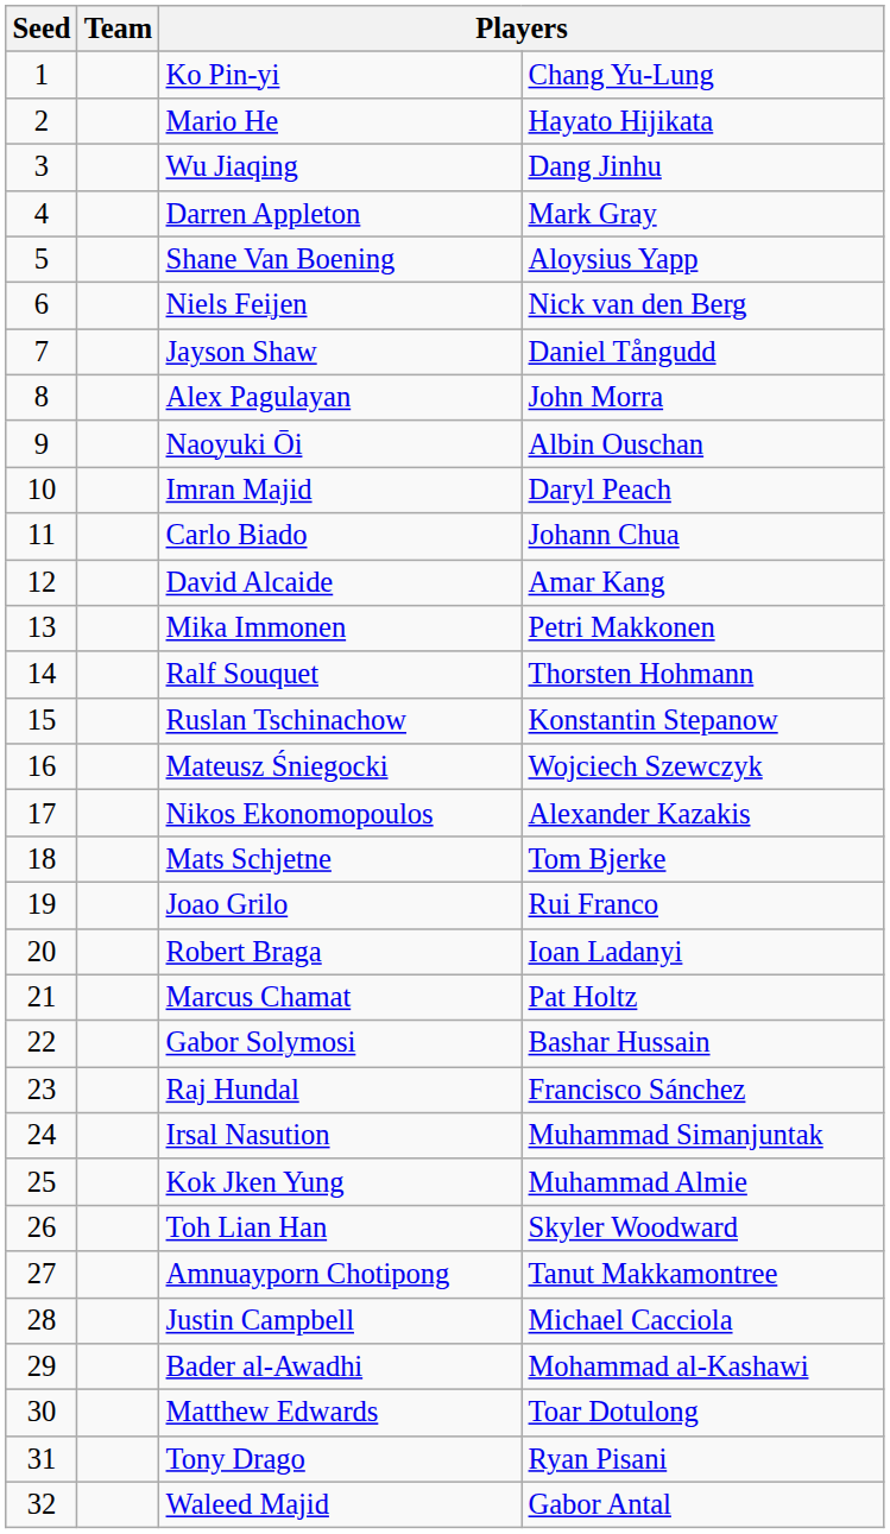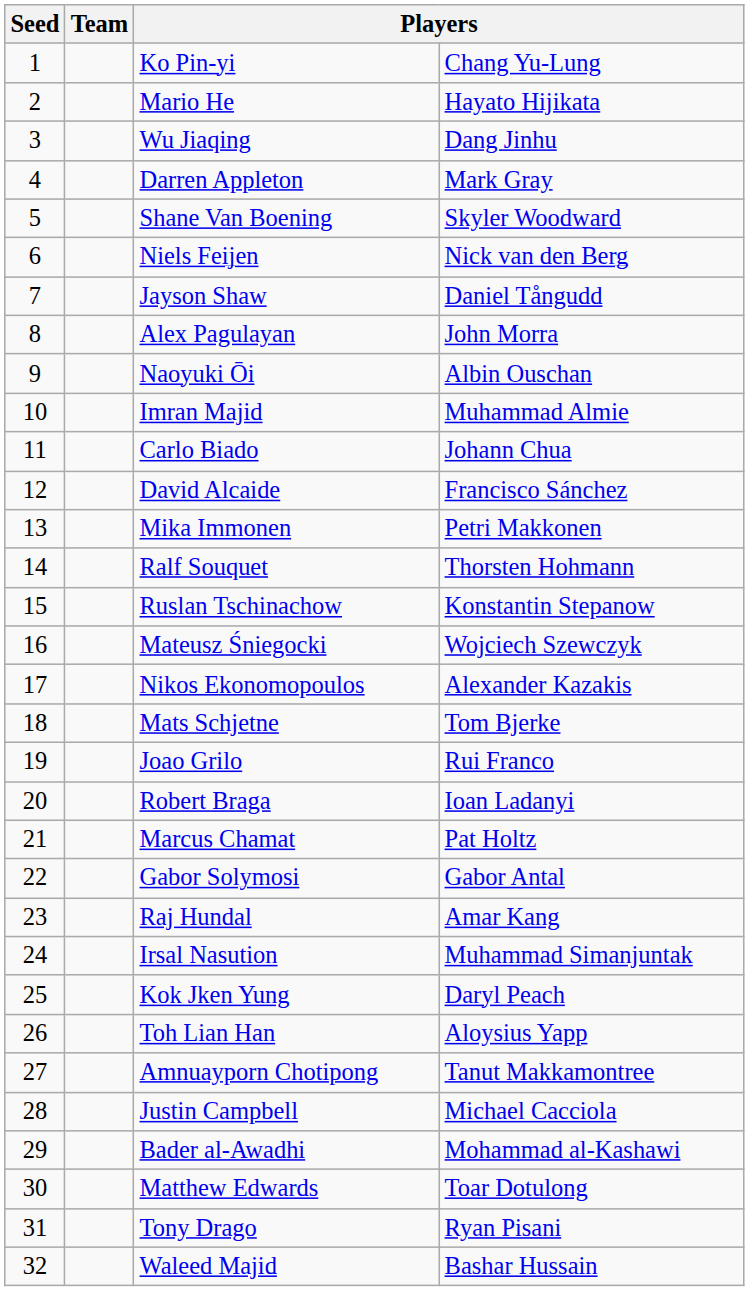 <table class="wikitable sortable">
 <tr>
 <th>Seed</th>
 <th>Team</th>
 <th colspan="2">Players<br> </th>
 </tr>
 <tr>
 <td style="text-align:center">1</td>
 <td></td>
 <td style="width:12em"><a href='#'>Ko Pin-yi</a></td>
 <td style="width:12em"><a href='#'>Chang Yu-Lung</a></td>
 </tr>
 <tr>
 <td style="text-align:center">2</td>
 <td></td>
 <td><a href='#'>Mario He</a></td>
 <td><a href='#'>Hayato Hijikata</a></td>
 </tr>
 <tr>
 <td style="text-align:center">3</td>
 <td></td>
 <td><a href='#'>Wu Jiaqing</a></td>
 <td><a href='#'>Dang Jinhu</a></td>
 </tr>
 <tr>
 <td style="text-align:center">4</td>
 <td></td>
 <td><a href='#'>Darren Appleton</a></td>
 <td><a href='#'>Mark Gray</a></td>
 </tr>
 <tr>
 <td style="text-align:center">5</td>
 <td></td>
 <td><a href='#'>Shane Van Boening</a></td>
-<td><a href='#'>Aloysius Yapp</a></td>
+<td><a href='#'>Skyler Woodward</a></td>
 </tr>
 <tr>
 <td style="text-align:center">6</td>
 <td></td>
 <td><a href='#'>Niels Feijen</a></td>
 <td><a href='#'>Nick van den Berg</a></td>
 </tr>
 <tr>
 <td style="text-align:center">7</td>
 <td></td>
 <td><a href='#'>Jayson Shaw</a></td>
 <td><a href='#'>Daniel Tångudd</a></td>
 </tr>
 <tr>
 <td style="text-align:center">8</td>
 <td></td>
 <td><a href='#'>Alex Pagulayan</a></td>
 <td><a href='#'>John Morra</a></td>
 </tr>
 <tr>
 <td style="text-align:center">9</td>
 <td></td>
 <td><a href='#'>Naoyuki Ōi</a></td>
 <td><a href='#'>Albin Ouschan</a></td>
 </tr>
 <tr>
 <td style="text-align:center">10</td>
 <td></td>
 <td><a href='#'>Imran Majid</a></td>
-<td><a href='#'>Daryl Peach</a></td>
+<td><a href='#'>Muhammad Almie</a></td>
 </tr>
 <tr>
 <td style="text-align:center">11</td>
 <td></td>
 <td><a href='#'>Carlo Biado</a></td>
 <td><a href='#'>Johann Chua</a></td>
 </tr>
 <tr>
 <td style="text-align:center">12</td>
 <td></td>
 <td><a href='#'>David Alcaide</a></td>
-<td><a href='#'>Amar Kang</a></td>
+<td><a href='#'>Francisco Sánchez</a></td>
 </tr>
 <tr>
 <td style="text-align:center">13</td>
 <td></td>
 <td><a href='#'>Mika Immonen</a></td>
 <td><a href='#'>Petri Makkonen</a></td>
 </tr>
 <tr>
 <td style="text-align:center">14</td>
 <td></td>
 <td><a href='#'>Ralf Souquet</a></td>
 <td><a href='#'>Thorsten Hohmann</a></td>
 </tr>
 <tr>
 <td style="text-align:center">15</td>
 <td></td>
 <td><a href='#'>Ruslan Tschinachow</a></td>
 <td><a href='#'>Konstantin Stepanow</a></td>
 </tr>
 <tr>
 <td style="text-align:center">16</td>
 <td></td>
 <td><a href='#'>Mateusz Śniegocki</a></td>
 <td><a href='#'>Wojciech Szewczyk</a></td>
 </tr>
 <tr>
 <td style="text-align:center">17</td>
 <td></td>
 <td><a href='#'>Nikos Ekonomopoulos</a></td>
 <td><a href='#'>Alexander Kazakis</a></td>
 </tr>
 <tr>
 <td style="text-align:center">18</td>
 <td></td>
 <td><a href='#'>Mats Schjetne</a></td>
 <td><a href='#'>Tom Bjerke</a></td>
 </tr>
 <tr>
 <td style="text-align:center">19</td>
 <td></td>
 <td><a href='#'>Joao Grilo</a></td>
 <td><a href='#'>Rui Franco</a></td>
 </tr>
 <tr>
 <td style="text-align:center">20</td>
 <td></td>
 <td><a href='#'>Robert Braga</a></td>
 <td><a href='#'>Ioan Ladanyi</a></td>
 </tr>
 <tr>
 <td style="text-align:center">21</td>
 <td></td>
 <td><a href='#'>Marcus Chamat</a></td>
 <td><a href='#'>Pat Holtz</a></td>
 </tr>
 <tr>
 <td style="text-align:center">22</td>
 <td></td>
 <td><a href='#'>Gabor Solymosi</a></td>
-<td><a href='#'>Bashar Hussain</a></td>
+<td><a href='#'>Gabor Antal</a></td>
 </tr>
 <tr>
 <td style="text-align:center">23</td>
 <td></td>
 <td><a href='#'>Raj Hundal</a></td>
-<td><a href='#'>Francisco Sánchez</a></td>
+<td><a href='#'>Amar Kang</a></td>
 </tr>
 <tr>
 <td style="text-align:center">24</td>
 <td></td>
 <td><a href='#'>Irsal Nasution</a></td>
 <td><a href='#'>Muhammad Simanjuntak</a></td>
 </tr>
 <tr>
 <td style="text-align:center">25</td>
 <td></td>
 <td><a href='#'>Kok Jken Yung</a></td>
-<td><a href='#'>Muhammad Almie</a></td>
+<td><a href='#'>Daryl Peach</a></td>
 </tr>
 <tr>
 <td style="text-align:center">26</td>
 <td></td>
 <td><a href='#'>Toh Lian Han</a></td>
-<td><a href='#'>Skyler Woodward</a></td>
+<td><a href='#'>Aloysius Yapp</a></td>
 </tr>
 <tr>
 <td style="text-align:center">27</td>
 <td></td>
 <td><a href='#'>Amnuayporn Chotipong</a></td>
 <td><a href='#'>Tanut Makkamontree</a></td>
 </tr>
 <tr>
 <td style="text-align:center">28</td>
 <td></td>
 <td><a href='#'>Justin Campbell</a></td>
 <td><a href='#'>Michael Cacciola</a></td>
 </tr>
 <tr>
 <td style="text-align:center">29</td>
 <td></td>
 <td><a href='#'>Bader al-Awadhi</a></td>
 <td><a href='#'>Mohammad al-Kashawi</a></td>
 </tr>
 <tr>
 <td style="text-align:center">30</td>
 <td></td>
 <td><a href='#'>Matthew Edwards</a></td>
 <td><a href='#'>Toar Dotulong</a></td>
 </tr>
 <tr>
 <td style="text-align:center">31</td>
 <td></td>
 <td><a href='#'>Tony Drago</a></td>
 <td><a href='#'>Ryan Pisani</a></td>
 </tr>
 <tr>
 <td style="text-align:center">32</td>
 <td></td>
 <td><a href='#'>Waleed Majid</a></td>
-<td><a href='#'>Gabor Antal</a></td>
+<td><a href='#'>Bashar Hussain</a></td>
 </tr>
 </table>
